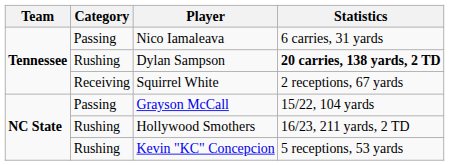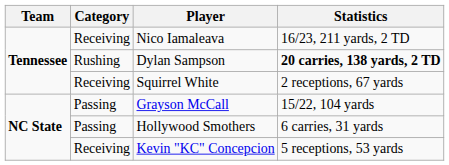 <table class="wikitable" style="float: right;">
 <tr>
 <th>Team</th>
 <th>Category</th>
 <th>Player</th>
 <th>Statistics</th>
 </tr>
 <tr>
 <td rowspan=3><strong>Tennessee</strong></td>
-<td>Passing</td>
+<td>Receiving</td>
 <td>Nico Iamaleava</td>
-<td>6 carries, 31 yards</td>
+<td>16/23, 211 yards, 2 TD</td>
 </tr>
 <tr>
 <td>Rushing</td>
 <td>Dylan Sampson</td>
 <td><strong>20 carries, 138 yards, 2 TD</strong></td>
 </tr>
 <tr>
 <td>Receiving</td>
 <td>Squirrel White</td>
 <td>2 receptions, 67 yards</td>
 </tr>
 <tr>
 <td rowspan=3><strong>NC State</strong></td>
 <td>Passing</td>
 <td><a href='#'>Grayson McCall</a></td>
 <td>15/22, 104 yards</td>
 </tr>
 <tr>
-<td>Rushing</td>
+<td>Passing</td>
 <td>Hollywood Smothers</td>
-<td>16/23, 211 yards, 2 TD</td>
+<td>6 carries, 31 yards</td>
 </tr>
 <tr>
-<td>Rushing</td>
+<td>Receiving</td>
 <td><a href='#'>Kevin "KC" Concepcion</a></td>
 <td>5 receptions, 53 yards</td>
 </tr>
 </table>
